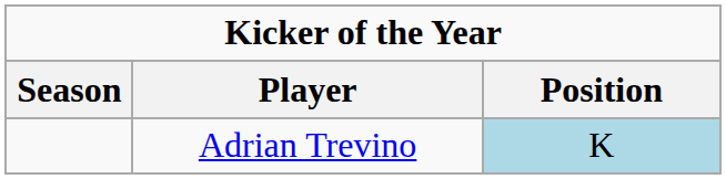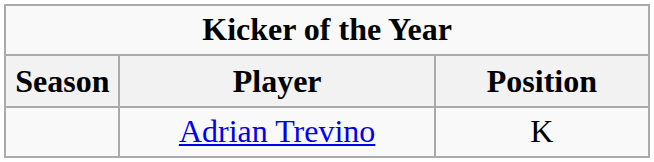 <table class="wikitable sortable" style="text-align:center">
 <tr>
 <td colspan="4"><strong>Kicker of the Year</strong></td>
 </tr>
 <tr>
 <th style="width:50px; ">Season</th>
 <th style="width:150px; ">Player</th>
 <th style="width:100px; ">Position</th>
 </tr>
 <tr>
 <td></td>
 <td><a href='#'>Adrian Trevino</a></td>
-<td style="background: lightblue;">K</td>
+<td>K</td>
 </tr>
 </table>
